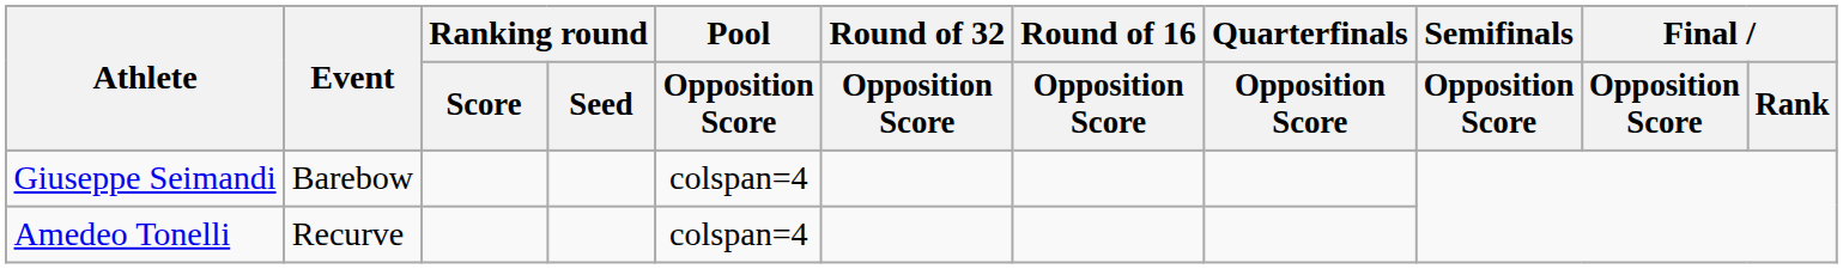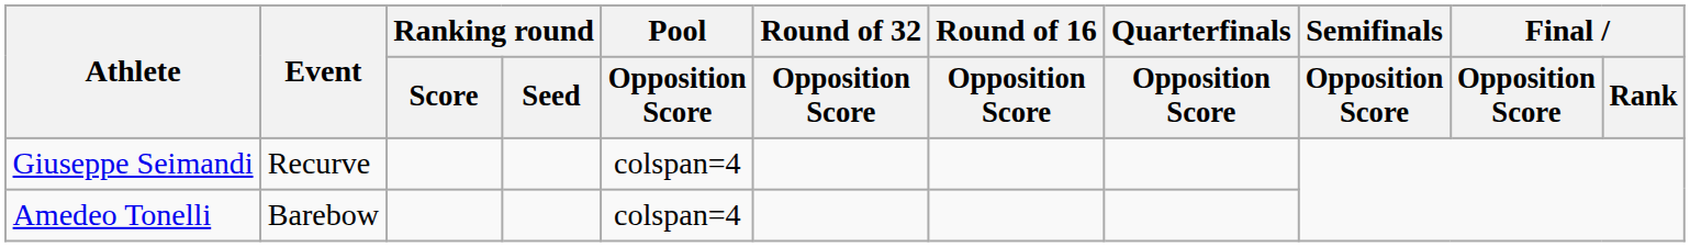 <table class=wikitable style="font-size:90%">
 <tr>
 <th rowspan="2">Athlete</th>
 <th rowspan="2">Event</th>
 <th colspan="2">Ranking round</th>
 <th>Pool</th>
 <th>Round of 32</th>
 <th>Round of 16</th>
 <th>Quarterfinals</th>
 <th>Semifinals</th>
 <th colspan="2">Final / </th>
 </tr>
 <tr style="font-size:95%">
 <th>Score</th>
 <th>Seed</th>
 <th>Opposition<br>Score</th>
 <th>Opposition<br>Score</th>
 <th>Opposition<br>Score</th>
 <th>Opposition<br>Score</th>
 <th>Opposition<br>Score</th>
 <th>Opposition<br>Score</th>
 <th>Rank</th>
 </tr>
 <tr align=center>
 <td align=left><a href='#'>Giuseppe Seimandi</a></td>
-<td align=left>Barebow</td>
+<td align=left>Recurve</td>
 <td></td>
 <td></td>
 <td>colspan=4 </td>
 <td></td>
 <td></td>
 <td></td>
 </tr>
 <tr align=center>
 <td align=left><a href='#'>Amedeo Tonelli</a></td>
-<td align=left>Recurve</td>
+<td align=left>Barebow</td>
 <td></td>
 <td></td>
 <td>colspan=4 </td>
 <td></td>
 <td></td>
 <td></td>
 </tr>
 </table>
